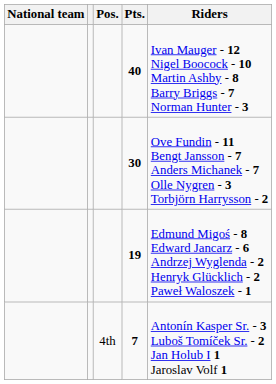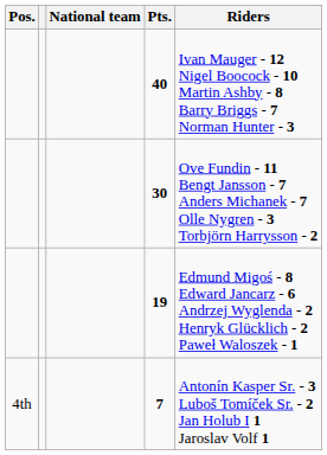 <table class=wikitable style="font-size:100%;">
 <tr>
+<th>Pos.</th>
+<th></th>
 <th>National team</th>
-<th></th>
-<th>Pos.</th>
 <th>Pts.</th>
 <th>Riders</th>
 </tr>
 <tr align=center >
-<td align=left></td>
 <td></td>
 <td></td>
+<td align=left></td>
 <td><strong>40</strong></td>
 <td align=left><br><a href='#'>Ivan Mauger</a> - <strong>12</strong><br> <a href='#'>Nigel Boocock</a> - <strong>10</strong><br> <a href='#'>Martin Ashby</a> - <strong>8</strong><br> <a href='#'>Barry Briggs</a> - <strong>7</strong><br> <a href='#'>Norman Hunter</a> - <strong>3</strong></td>
 </tr>
 <tr align=center >
-<td align=left></td>
 <td></td>
 <td></td>
+<td align=left></td>
 <td><strong>30</strong></td>
 <td align=left><br><a href='#'>Ove Fundin</a> - <strong>11</strong><br> <a href='#'>Bengt Jansson</a> - <strong>7</strong><br> <a href='#'>Anders Michanek</a> - <strong>7</strong><br> <a href='#'>Olle Nygren</a> - <strong>3</strong><br> <a href='#'>Torbjörn Harrysson</a> - <strong>2</strong></td>
 </tr>
 <tr align=center >
-<td align=left></td>
 <td></td>
 <td></td>
+<td align=left></td>
 <td><strong>19</strong></td>
 <td align=left><br><a href='#'>Edmund Migoś</a> - <strong>8</strong><br> <a href='#'>Edward Jancarz</a> - <strong>6</strong><br> <a href='#'>Andrzej Wyglenda</a> - <strong>2</strong><br> <a href='#'>Henryk Glücklich</a> - <strong>2</strong><br> <a href='#'>Paweł Waloszek</a> - <strong>1</strong></td>
 </tr>
 <tr align=center >
+<td>4th</td>
+<td></td>
 <td align=left></td>
-<td></td>
-<td>4th</td>
 <td><strong>7</strong></td>
 <td align=left><br><a href='#'>Antonín Kasper Sr.</a> - <strong>3</strong><br> <a href='#'>Luboš Tomíček Sr.</a> - <strong>2</strong><br> <a href='#'>Jan Holub I</a> <strong>1</strong><br> Jaroslav Volf <strong>1</strong></td>
 </tr>
 </table>
